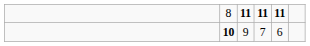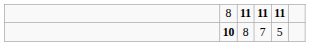 <table class="wikitable">
 <tr>
 <td style="width:18em"><strong></strong></td>
 <td align=center style="width:1em">8</td>
 <td align=center style="width:1em"><strong>11</strong></td>
 <td align=center style="width:1em"><strong>11</strong></td>
 <td align=center style="width:1em"><strong>11</strong></td>
 <td align=center style="width:1em"></td>
 </tr>
 <tr>
 <td style="width:18em"></td>
 <td align=center style="width:1em"><strong>10</strong></td>
-<td align=center style="width:1em">9</td>
+<td align=center style="width:1em">8</td>
 <td align=center style="width:1em">7</td>
-<td align=center style="width:1em">6</td>
+<td align=center style="width:1em">5</td>
 <td align=center style="width:1em"></td>
 </tr>
 </table>
